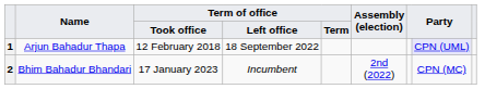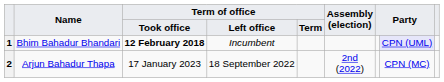 <table class=wikitable style="text-align:center">
 <tr>
 <th colspan="1" rowspan="2" style="background-color:#EAECF0;"></th>
 <th colspan="1" rowspan="2" style="background-color:#EAECF0;">Name<br></th>
 <th colspan="3" style="background-color:#EAECF0;">Term of office</th>
 <th colspan="1" rowspan="2" style="background-color:#EAECF0;">Assembly<br>(election)</th>
 <th colspan="2" rowspan="2" style="background-color:#EAECF0;">Party</th>
 <th rowspan="2" style="background-color:#EAECF0;"></th>
 </tr>
 <tr>
 <th style="background-color:#EAECF0;">Took office</th>
 <th style="background-color:#EAECF0;">Left office</th>
 <th style="background-color:#EAECF0;">Term</th>
 </tr>
 <tr>
 <th>1</th>
-<td><a href='#'>Arjun Bahadur Thapa</a><br></td>
-<td>12 February 2018</td>
-<td>18 September 2022</td>
+<td><a href='#'>Bhim Bahadur Bhandari</a><br></td>
+<td><strong>12 February 2018</strong></td>
+<td><em>Incumbent</em></td>
 <td></td>
 <td></td>
 <td></td>
 <td style="background: lavender;"><a href='#'>CPN (UML)</a></td>
 <td></td>
 </tr>
 <tr>
 <th>2</th>
-<td><a href='#'>Bhim Bahadur Bhandari</a><br></td>
+<td><a href='#'>Arjun Bahadur Thapa</a><br></td>
 <td>17 January 2023</td>
-<td><em>Incumbent</em></td>
+<td>18 September 2022</td>
 <td></td>
 <td><a href='#'>2nd</a><br>(<a href='#'>2022</a>)</td>
 <td></td>
 <td rowspan="2"><a href='#'>CPN (MC)</a></td>
 <td></td>
 </tr>
 </table>
